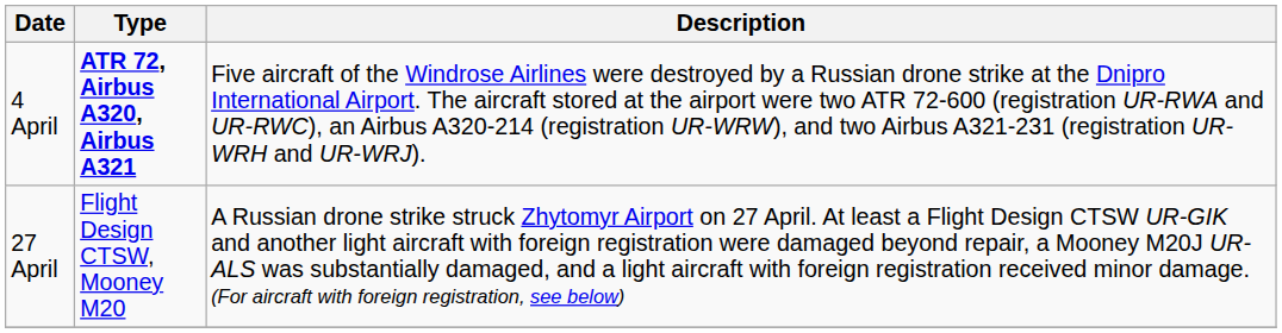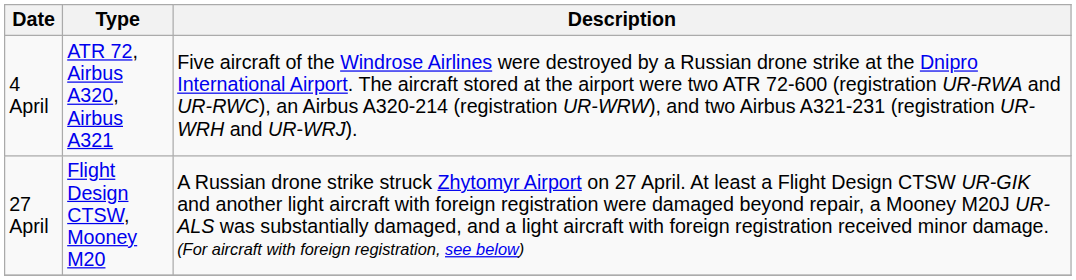 <table class="wikitable">
 <tr>
 <th>Date</th>
 <th>Type</th>
 <th>Description</th>
 </tr>
 <tr>
 <td>4 April</td>
-<td><strong><a href='#'>ATR 72</a>,<br><a href='#'>Airbus A320</a>,<br><a href='#'>Airbus A321</a></strong></td>
+<td><a href='#'>ATR 72</a>,<br><a href='#'>Airbus A320</a>,<br><a href='#'>Airbus A321</a></td>
 <td>Five aircraft of the <a href='#'>Windrose Airlines</a> were destroyed by a Russian drone strike at the <a href='#'>Dnipro International Airport</a>. The aircraft stored at the airport were two ATR 72-600 (registration <em>UR-RWA</em> and <em>UR-RWC</em>), an Airbus A320-214 (registration <em>UR-WRW</em>), and two Airbus A321-231 (registration <em>UR-WRH</em> and <em>UR-WRJ</em>).</td>
 </tr>
 <tr>
 <td>27 April</td>
 <td><a href='#'>Flight Design CTSW</a>,<br><a href='#'>Mooney M20</a></td>
 <td>A Russian drone strike struck <a href='#'>Zhytomyr Airport</a> on 27 April. At least a Flight Design CTSW <em>UR-GIK</em> and another light aircraft with foreign registration were damaged beyond repair, a Mooney M20J <em>UR-ALS</em> was substantially damaged, and a light aircraft with foreign registration received minor damage. <small><em>(For aircraft with foreign registration, <a href='#'>see below</a>)</em></small></td>
 </tr>
 <tr>
 </tr>
 </table>
